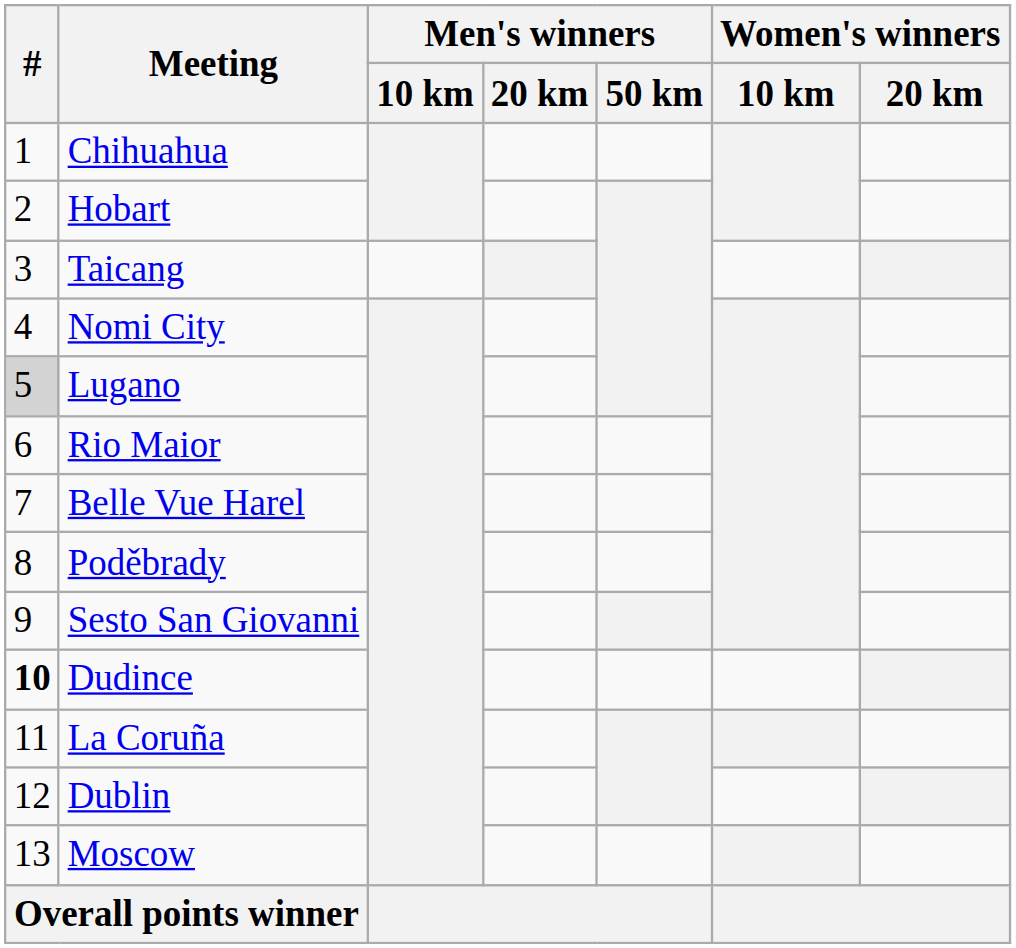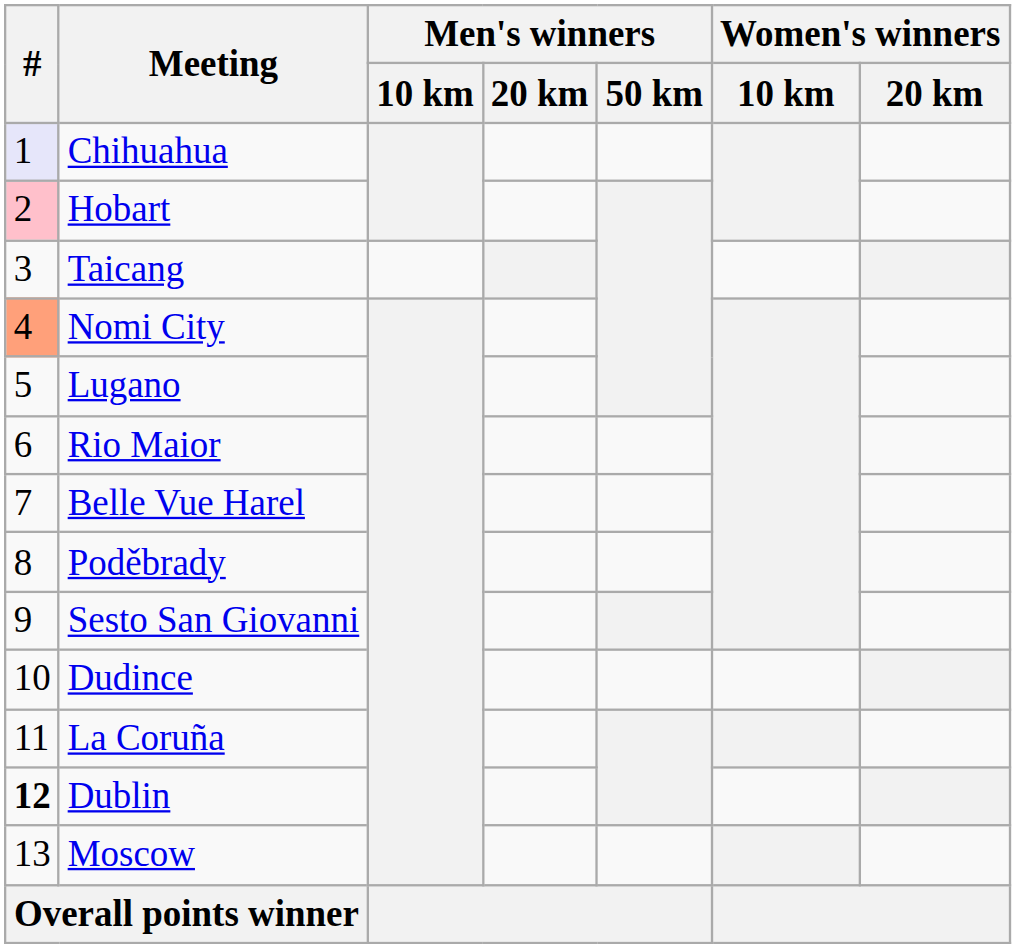 <table class="wikitable" style="text-align:center;">
 <tr align="center">
 <th rowspan=2>#</th>
 <th rowspan=2><strong>Meeting</strong></th>
 <th colspan=3>Men's winners</th>
 <th colspan=2>Women's winners</th>
 </tr>
 <tr>
 <th>10 km</th>
 <th>20 km</th>
 <th>50 km</th>
 <th>10 km</th>
 <th>20 km</th>
 </tr>
 <tr align=left>
-<td>1</td>
+<td style="background: lavender;">1</td>
 <td align=left><a href='#'>Chihuahua</a></td>
 <th rowspan=2></th>
 <td></td>
 <td></td>
 <th rowspan=2></th>
 <td></td>
 </tr>
 <tr align=left>
-<td>2</td>
+<td style="background: pink;">2</td>
 <td align=left><a href='#'>Hobart</a></td>
 <td></td>
 <th rowspan=4></th>
 <td></td>
 </tr>
 <tr align=left>
 <td>3</td>
 <td align=left><a href='#'>Taicang</a></td>
 <td></td>
 <th></th>
 <td></td>
 <th></th>
 </tr>
 <tr align=left>
-<td>4</td>
+<td style="background: lightsalmon;">4</td>
 <td align=left><a href='#'>Nomi City</a></td>
 <th rowspan=10></th>
 <td></td>
 <th rowspan=6></th>
 <td></td>
 </tr>
 <tr align=left>
-<td style="background: lightgrey;">5</td>
+<td>5</td>
 <td align=left><a href='#'>Lugano</a></td>
 <td></td>
 <td></td>
 </tr>
 <tr align=left>
 <td>6</td>
 <td align=left><a href='#'>Rio Maior</a></td>
 <td></td>
 <td></td>
 <td></td>
 </tr>
 <tr align=left>
 <td>7</td>
 <td align=left><a href='#'>Belle Vue Harel</a></td>
 <td></td>
 <td></td>
 <td></td>
 </tr>
 <tr align=left>
 <td>8</td>
 <td align=left><a href='#'>Poděbrady</a></td>
 <td></td>
 <td></td>
 <td></td>
 </tr>
 <tr align=left>
 <td>9</td>
 <td align=left><a href='#'>Sesto San Giovanni</a></td>
 <td></td>
 <th></th>
 <td></td>
 </tr>
 <tr align=left>
-<td><strong>10</strong></td>
+<td>10</td>
 <td align=left><a href='#'>Dudince</a></td>
 <td></td>
 <td></td>
 <td></td>
 <th></th>
 </tr>
 <tr align=left>
 <td>11</td>
 <td align=left><a href='#'>La Coruña</a></td>
 <td></td>
 <th rowspan=2></th>
 <th></th>
 <td></td>
 </tr>
 <tr align=left>
-<td>12</td>
+<td><strong>12</strong></td>
 <td align=left><a href='#'>Dublin</a></td>
 <td></td>
 <td></td>
 <th rowspan=1></th>
 </tr>
 <tr align=left>
 <td>13</td>
 <td align=left><a href='#'>Moscow</a></td>
 <td></td>
 <td></td>
 <th rowspan=1></th>
 <td></td>
 </tr>
 <tr>
 <th colspan=2>Overall points winner</th>
 <th colspan=3></th>
 <th colspan=2></th>
 </tr>
 </table>
